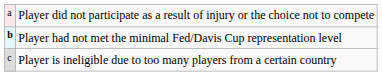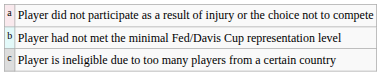 <table class="wikitable">
 <tr>
 <td bgcolor=#F9E9ED><sup>a</sup></td>
 <td>Player did not participate as a result of injury or the choice not to compete</td>
 </tr>
 <tr>
-<td bgcolor=#E3F9F9><strong><sup>b</sup></strong></td>
+<td bgcolor=#E3F9F9><sup>b</sup></td>
 <td>Player had not met the minimal Fed/Davis Cup representation level</td>
 </tr>
 <tr>
 <td bgcolor=#DDDDDD><sup>c</sup></td>
 <td>Player is ineligible due to too many players from a certain country</td>
 </tr>
 </table>
